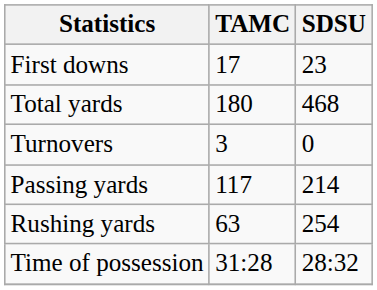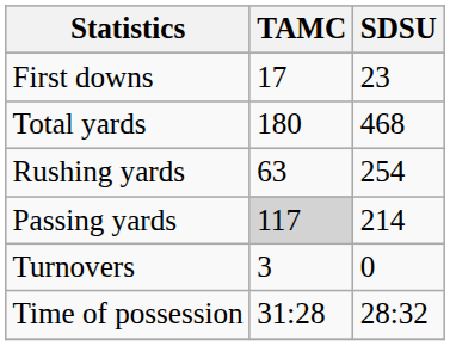 <table class="wikitable" style="float: left;">
 <tr>
 <th>Statistics</th>
 <th>TAMC</th>
 <th>SDSU</th>
 </tr>
 <tr>
 <td>First downs</td>
 <td>17</td>
 <td>23</td>
 </tr>
 <tr>
 <td>Total yards</td>
 <td>180</td>
 <td>468</td>
 </tr>
 <tr>
+<td>Rushing yards</td>
+<td>63</td>
+<td>254</td>
+</tr>
+<tr>
+<td>Passing yards</td>
+<td style="background: lightgrey;">117</td>
+<td>214</td>
+</tr>
+<tr>
 <td>Turnovers</td>
 <td>3</td>
 <td>0</td>
-</tr>
-<tr>
-<td>Passing yards</td>
-<td>117</td>
-<td>214</td>
-</tr>
-<tr>
-<td>Rushing yards</td>
-<td>63</td>
-<td>254</td>
 </tr>
 <tr>
 <td>Time of possession</td>
 <td>31:28</td>
 <td>28:32</td>
 </tr>
 <tr>
 </tr>
 </table>
